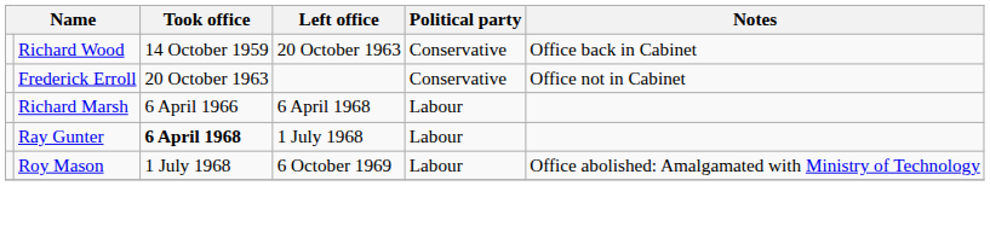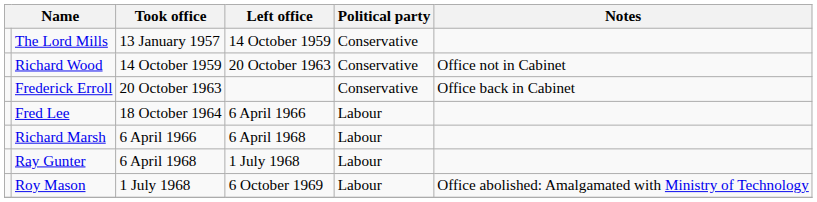 <table class="wikitable">
 <tr>
 <th colspan=2>Name</th>
 <th>Took office</th>
 <th>Left office</th>
 <th>Political party</th>
 <th>Notes</th>
 </tr>
 <tr>
 <td style="background-color: "></td>
+<td><a href='#'>The Lord Mills</a></td>
+<td>13 January 1957</td>
+<td>14 October 1959</td>
+<td>Conservative</td>
+<td></td>
+</tr>
+<tr>
+<td style="background-color: "></td>
 <td><a href='#'>Richard Wood</a></td>
 <td>14 October 1959</td>
 <td>20 October 1963</td>
 <td>Conservative</td>
-<td>Office back in Cabinet</td>
+<td>Office not in Cabinet</td>
 </tr>
 <tr>
 <td style="background-color: "></td>
 <td><a href='#'>Frederick Erroll</a></td>
 <td>20 October 1963</td>
 <td></td>
 <td>Conservative</td>
-<td>Office not in Cabinet</td>
+<td>Office back in Cabinet</td>
+</tr>
+<tr>
+<td style="background-color: "></td>
+<td><a href='#'>Fred Lee</a></td>
+<td>18 October 1964</td>
+<td>6 April 1966</td>
+<td>Labour</td>
+<td></td>
 </tr>
 <tr>
 <td style="background-color: "></td>
 <td><a href='#'>Richard Marsh</a></td>
 <td>6 April 1966</td>
 <td>6 April 1968</td>
 <td>Labour</td>
 <td></td>
 </tr>
 <tr>
 <td style="background-color: "></td>
 <td><a href='#'>Ray Gunter</a></td>
-<td><strong>6 April 1968</strong></td>
+<td>6 April 1968</td>
 <td>1 July 1968</td>
 <td>Labour</td>
 <td></td>
 </tr>
 <tr>
 <td style="background-color: "></td>
 <td><a href='#'>Roy Mason</a></td>
 <td>1 July 1968</td>
 <td>6 October 1969</td>
 <td>Labour</td>
 <td>Office abolished: Amalgamated with <a href='#'>Ministry of Technology</a></td>
 </tr>
 <tr>
 </tr>
 </table>
